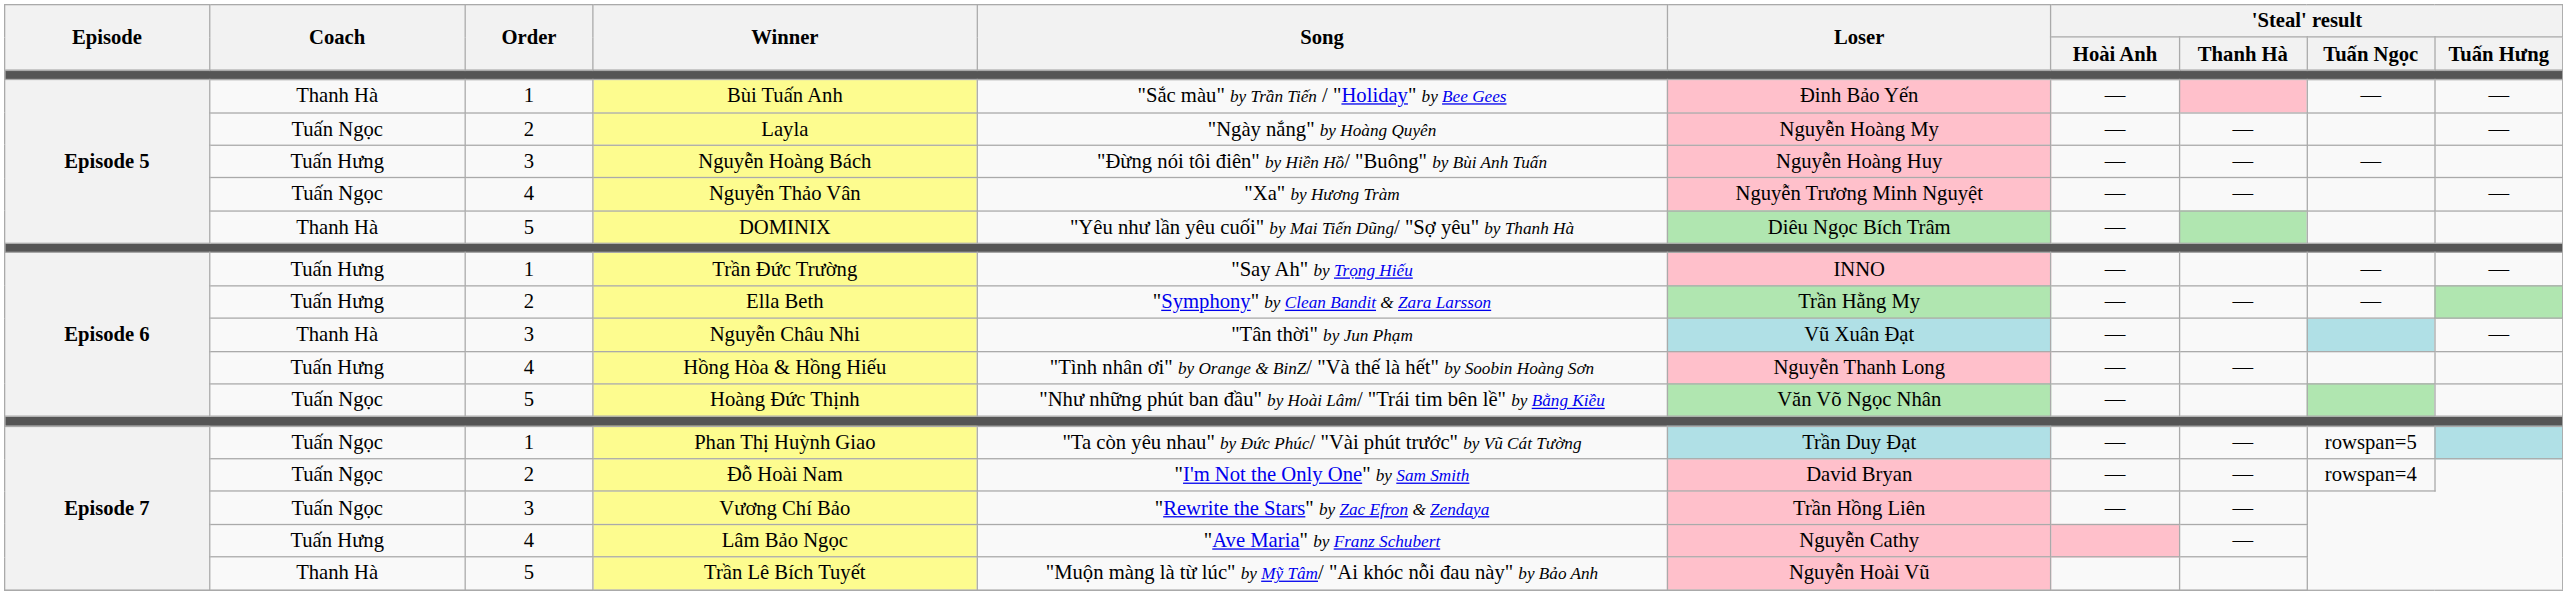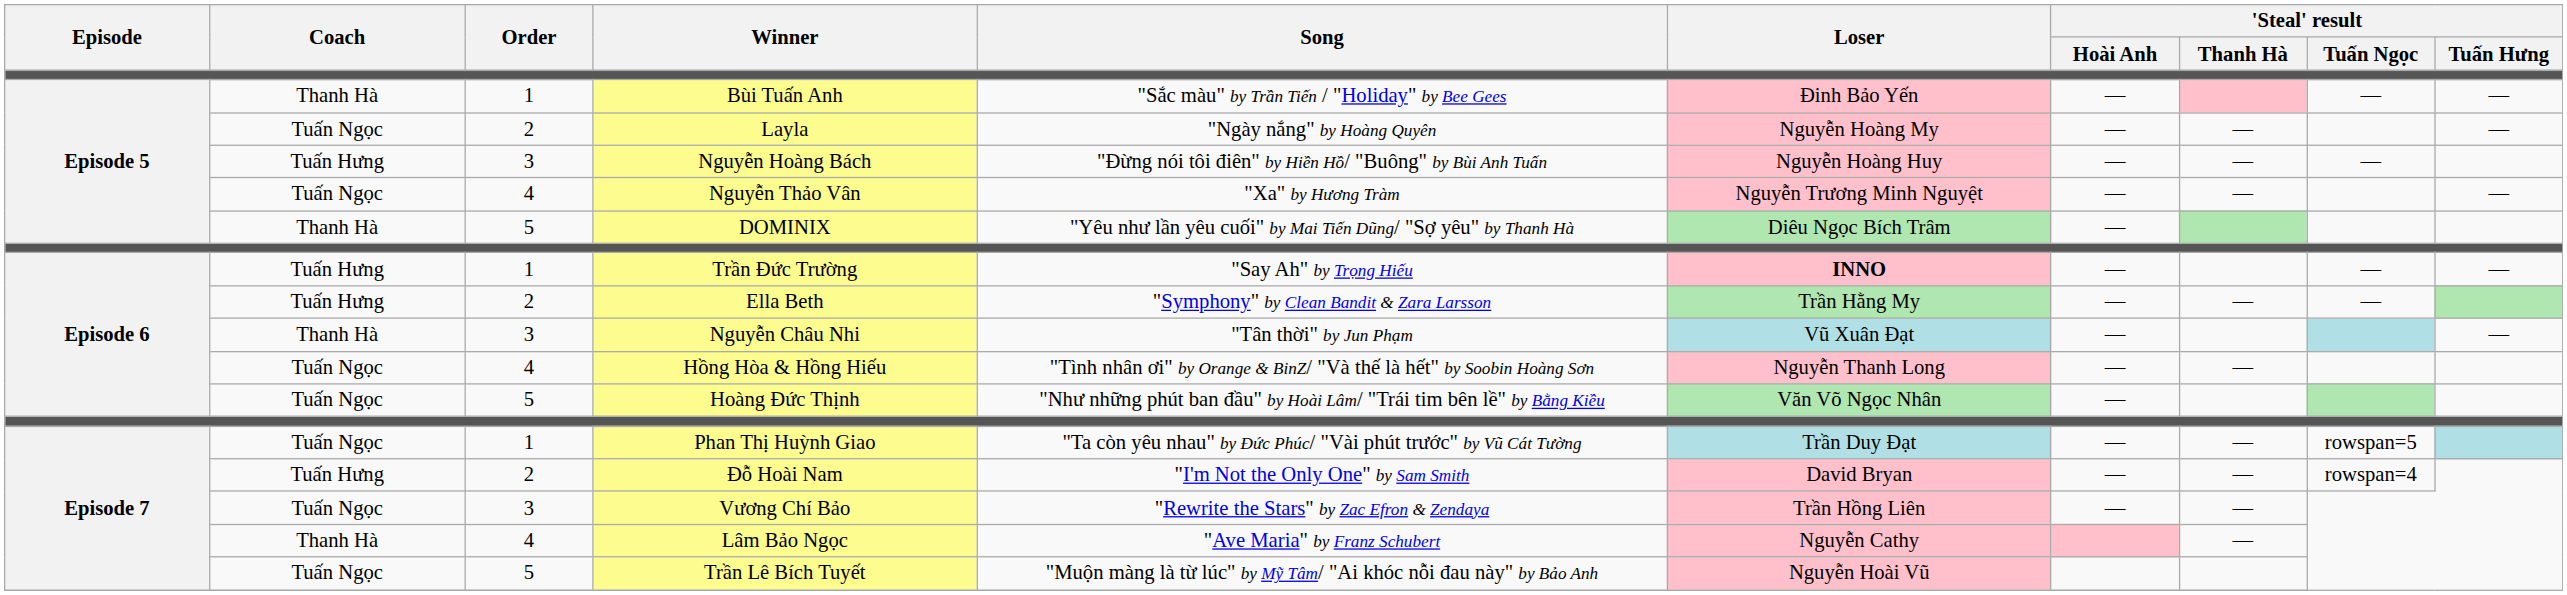 <table class="wikitable" style="text-align: center; width:100%;">
 <tr>
 <th rowspan="2" style="width:08%;">Episode</th>
 <th rowspan="2" style="width:10%;">Coach</th>
 <th rowspan="2" style="width:05%;">Order</th>
 <th rowspan="2" style="width:15%;">Winner</th>
 <th rowspan="2" style="width:27%;">Song</th>
 <th rowspan="2" style="width:15%;">Loser</th>
 <th colspan="4" style="width:20%;">'Steal' result</th>
 </tr>
 <tr>
 <th style="width:05%;">Hoài Anh</th>
 <th style="width:05%;">Thanh Hà</th>
 <th style="width:05%;">Tuấn Ngọc</th>
 <th style="width:05%;">Tuấn Hưng</th>
 </tr>
 <tr>
 <td colspan="10" style="background:#555;"></td>
 </tr>
 <tr>
 <th rowspan="5">Episode 5<br><small></small></th>
 <td>Thanh Hà</td>
 <td>1</td>
 <td style="background:#fdfc8f;">Bùi Tuấn Anh</td>
 <td>"Sắc màu" <small><em>by Trần Tiến</em></small> / "<a href='#'>Holiday</a>" <small><em>by <a href='#'>Bee Gees</a></em></small></td>
 <td style="background:pink;">Đinh Bảo Yến</td>
 <td style="text-align:center;">—</td>
 <td bgcolor=pink><strong></strong></td>
 <td style="text-align:center;">—</td>
 <td style="text-align:center;">—</td>
 </tr>
 <tr>
 <td>Tuấn Ngọc</td>
 <td>2</td>
 <td style="background:#fdfc8f;">Layla</td>
 <td>"Ngày nắng" <small><em>by Hoàng Quyên</em></small></td>
 <td style="background:pink;">Nguyễn Hoàng My</td>
 <td style="text-align:center;">—</td>
 <td style="text-align:center;">—</td>
 <td></td>
 <td style="text-align:center;">—</td>
 </tr>
 <tr>
 <td>Tuấn Hưng</td>
 <td>3</td>
 <td style="background:#fdfc8f;">Nguyễn Hoàng Bách</td>
 <td>"Đừng nói tôi điên" <small><em>by Hiền Hồ</em></small>/ "Buông" <small><em>by Bùi Anh Tuấn</em></small></td>
 <td style="background:pink;">Nguyễn Hoàng Huy</td>
 <td style="text-align:center;">—</td>
 <td style="text-align:center;">—</td>
 <td style="text-align:center;">—</td>
 <td></td>
 </tr>
 <tr>
 <td>Tuấn Ngọc</td>
 <td>4</td>
 <td style="background:#fdfc8f;">Nguyễn Thảo Vân</td>
 <td>"Xa" <small><em>by Hương Tràm</em></small></td>
 <td style="background:pink;">Nguyễn Trương Minh Nguyệt</td>
 <td style="text-align:center;">—</td>
 <td style="text-align:center;">—</td>
 <td></td>
 <td style="text-align:center;">—</td>
 </tr>
 <tr>
 <td>Thanh Hà</td>
 <td>5</td>
 <td style="background:#fdfc8f;">DOMINIX</td>
 <td>"Yêu như lần yêu cuối" <small><em>by Mai Tiến Dũng</em></small>/ "Sợ yêu" <small><em>by Thanh Hà</em></small></td>
 <td style="background:#b0e6b0;">Diêu Ngọc Bích Trâm</td>
 <td style="text-align:center;">—</td>
 <td bgcolor=#b0e6b0><strong></strong></td>
 <td><strong></strong></td>
 <td><strong></strong></td>
 </tr>
 <tr>
 <td colspan="10" style="background:#555;"></td>
 </tr>
 <tr>
 <th rowspan="5">Episode 6<br><small></small></th>
 <td>Tuấn Hưng</td>
 <td>1</td>
 <td style="background:#fdfc8f;">Trần Đức Trường</td>
 <td>"Say Ah" <small><em>by <a href='#'>Trọng Hiếu</a></em></small></td>
-<td style="background:pink;">INNO</td>
+<td style="background:pink;"><strong>INNO</strong></td>
 <td style="text-align:center;">—</td>
 <td></td>
 <td style="text-align:center;">—</td>
 <td style="text-align:center;">—</td>
 </tr>
 <tr>
 <td>Tuấn Hưng</td>
 <td>2</td>
 <td style="background:#fdfc8f;">Ella Beth</td>
 <td>"<a href='#'>Symphony</a>" <small><em>by <a href='#'>Clean Bandit</a> & <a href='#'>Zara Larsson</a></em></small></td>
 <td style="background:#b0e6b0;">Trần Hằng My</td>
 <td style="text-align:center;">—</td>
 <td style="text-align:center;">—</td>
 <td style="text-align:center;">—</td>
 <td bgcolor=#b0e6b0><strong></strong></td>
 </tr>
 <tr>
 <td>Thanh Hà</td>
 <td>3</td>
 <td style="background:#fdfc8f;">Nguyễn Châu Nhi</td>
 <td>"Tân thời" <small><em>by Jun Phạm</em></small></td>
 <td style="background:#b0e0e6;">Vũ Xuân Đạt</td>
 <td style="text-align:center;">—</td>
 <td></td>
 <td bgcolor=#b0e0e6><strong></strong></td>
 <td style="text-align:center;">—</td>
 </tr>
 <tr>
-<td>Tuấn Hưng</td>
+<td>Tuấn Ngọc</td>
 <td>4</td>
 <td style="background:#fdfc8f;">Hồng Hòa & Hồng Hiếu</td>
 <td>"Tình nhân ơi" <small><em>by Orange & BinZ</em></small>/ "Và thế là hết" <small><em>by Soobin Hoàng Sơn</em></small></td>
 <td style="background:pink;">Nguyễn Thanh Long</td>
 <td style="text-align:center;">—</td>
 <td style="text-align:center;">—</td>
 <td></td>
 <td></td>
 </tr>
 <tr>
 <td>Tuấn Ngọc</td>
 <td>5</td>
 <td style="background:#fdfc8f;">Hoàng Đức Thịnh</td>
 <td>"Như những phút ban đầu" <small><em>by Hoài Lâm</em></small>/ "Trái tim bên lề" <small><em>by <a href='#'>Bằng Kiều</a></em></small></td>
 <td style="background:#b0e6b0;">Văn Võ Ngọc Nhân</td>
 <td style="text-align:center;">—</td>
 <td><strong></strong></td>
 <td bgcolor=#b0e6b0><strong></strong></td>
 <td><strong></strong></td>
 </tr>
 <tr>
 <td colspan="10" style="background:#555;"></td>
 </tr>
 <tr>
 <th rowspan="5">Episode 7<br><small></small></th>
 <td>Tuấn Ngọc</td>
 <td>1</td>
 <td style="background:#fdfc8f;">Phan Thị Huỳnh Giao</td>
 <td>"Ta còn yêu nhau" <small><em>by Đức Phúc</em></small>/ "Vài phút trước" <small><em>by Vũ Cát Tường</em></small></td>
 <td style="background:#b0e0e6;">Trần Duy Đạt</td>
 <td style="text-align:center;">—</td>
 <td style="text-align:center;">—</td>
 <td>rowspan=5 </td>
 <td bgcolor=#b0e0e6><strong></strong></td>
 </tr>
 <tr>
-<td>Tuấn Ngọc</td>
+<td>Tuấn Hưng</td>
 <td>2</td>
 <td style="background:#fdfc8f;">Đỗ Hoài Nam</td>
 <td>"<a href='#'>I'm Not the Only One</a>" <small><em>by <a href='#'>Sam Smith</a></em></small></td>
 <td style="background:pink;">David Bryan</td>
 <td style="text-align:center;">—</td>
 <td style="text-align:center;">—</td>
 <td>rowspan=4 </td>
 </tr>
 <tr>
 <td>Tuấn Ngọc</td>
 <td>3</td>
 <td style="background:#fdfc8f;">Vương Chí Bảo</td>
 <td>"<a href='#'>Rewrite the Stars</a>" <small><em>by <a href='#'>Zac Efron</a> & <a href='#'>Zendaya</a></em></small></td>
 <td style="background:pink;">Trần Hồng Liên</td>
 <td style="text-align:center;">—</td>
 <td style="text-align:center;">—</td>
 </tr>
 <tr>
-<td>Tuấn Hưng</td>
+<td>Thanh Hà</td>
 <td>4</td>
 <td style="background:#fdfc8f;">Lâm Bảo Ngọc</td>
 <td>"<a href='#'>Ave Maria</a>" <small><em>by <a href='#'>Franz Schubert</a></em></small></td>
 <td style="background:pink;">Nguyễn Cathy</td>
 <td bgcolor=pink><strong></strong></td>
 <td style="text-align:center;">—</td>
 </tr>
 <tr>
-<td>Thanh Hà</td>
+<td>Tuấn Ngọc</td>
 <td>5</td>
 <td style="background:#fdfc8f;">Trần Lê Bích Tuyết</td>
 <td>"Muộn màng là từ lúc" <small><em>by <a href='#'>Mỹ Tâm</a></em></small>/ "Ai khóc nỗi đau này" <small><em>by Bảo Anh</em></small></td>
 <td style="background:pink;">Nguyễn Hoài Vũ</td>
 <td></td>
 <td></td>
 </tr>
 <tr>
 </tr>
 </table>
